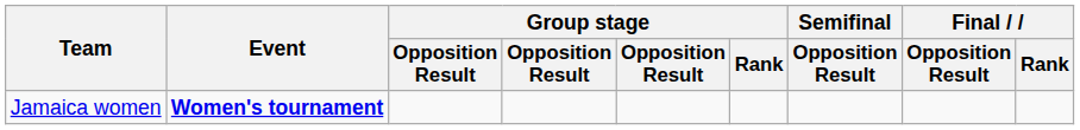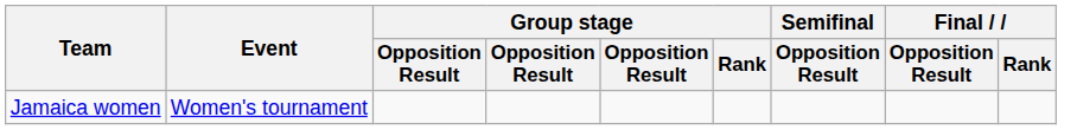 <table class=wikitable style=font-size:90%;text-align:center>
 <tr>
 <th rowspan=2>Team</th>
 <th rowspan=2>Event</th>
 <th colspan=4>Group stage</th>
 <th>Semifinal</th>
 <th colspan=2>Final /  / </th>
 </tr>
 <tr style=font-size:95%>
 <th>Opposition<br>Result</th>
 <th>Opposition<br>Result</th>
 <th>Opposition<br>Result</th>
 <th>Rank</th>
 <th>Opposition<br>Result</th>
 <th>Opposition<br>Result</th>
 <th>Rank</th>
 </tr>
 <tr>
 <td align=left><a href='#'>Jamaica women</a></td>
-<td align=left><strong><a href='#'>Women's tournament</a></strong></td>
+<td align=left><a href='#'>Women's tournament</a></td>
 <td></td>
 <td></td>
 <td></td>
 <td></td>
 <td></td>
 <td></td>
 <td></td>
 </tr>
 </table>
